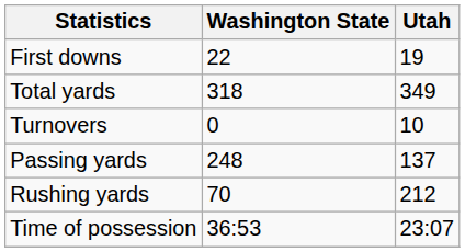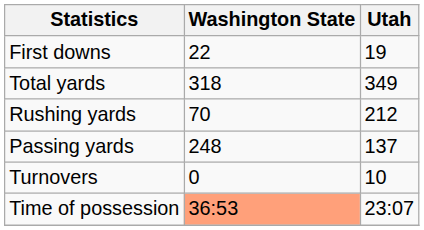 <table class="wikitable">
 <tr>
 <th>Statistics</th>
 <th>Washington State</th>
 <th>Utah</th>
 </tr>
 <tr>
 <td>First downs</td>
 <td>22</td>
 <td>19</td>
 </tr>
 <tr>
 <td>Total yards</td>
 <td>318</td>
 <td>349</td>
 </tr>
 <tr>
-<td>Turnovers</td>
-<td>0</td>
-<td>10</td>
+<td>Rushing yards</td>
+<td>70</td>
+<td>212</td>
 </tr>
 <tr>
 <td>Passing yards</td>
 <td>248</td>
 <td>137</td>
 </tr>
 <tr>
-<td>Rushing yards</td>
-<td>70</td>
-<td>212</td>
+<td>Turnovers</td>
+<td>0</td>
+<td>10</td>
 </tr>
 <tr>
 <td>Time of possession</td>
-<td>36:53</td>
+<td style="background: lightsalmon;">36:53</td>
 <td>23:07</td>
 </tr>
 <tr>
 </tr>
 </table>
